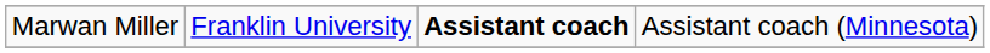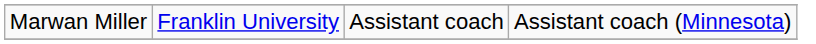 <table class="wikitable sortable" border="1">
 <tr align=center>
 </tr>
 <tr>
 <td>Marwan Miller</td>
 <td><a href='#'>Franklin University</a></td>
-<td><strong>Assistant coach</strong></td>
+<td>Assistant coach</td>
 <td>Assistant coach (<a href='#'>Minnesota</a>)</td>
 </tr>
 <tr>
 </tr>
 </table>
